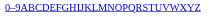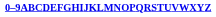 <table id="toc" class="toc" summary="Class">
 <tr>
 <th></th>
 </tr>
 <tr>
-<td style="text-align:center;"><a href='#'>0–9</a><a href='#'>A</a><a href='#'>B</a><a href='#'>C</a><a href='#'>D</a><a href='#'>E</a><a href='#'>F</a><a href='#'>G</a><a href='#'>H</a><a href='#'>I</a><a href='#'>J</a><a href='#'>K</a><a href='#'>L</a><a href='#'>M</a><a href='#'>N</a><a href='#'>O</a><a href='#'>P</a><a href='#'>Q</a><a href='#'>R</a><a href='#'>S</a><a href='#'>T</a><a href='#'>U</a><a href='#'>V</a><a href='#'>W</a><a href='#'>X</a><a href='#'>Y</a><a href='#'>Z</a></td>
+<td style="text-align:center;"><strong><a href='#'>0–9</a><a href='#'>A</a><a href='#'>B</a><a href='#'>C</a><a href='#'>D</a><a href='#'>E</a><a href='#'>F</a><a href='#'>G</a><a href='#'>H</a><a href='#'>I</a><a href='#'>J</a><a href='#'>K</a><a href='#'>L</a><a href='#'>M</a><a href='#'>N</a><a href='#'>O</a><a href='#'>P</a><a href='#'>Q</a><a href='#'>R</a><a href='#'>S</a><a href='#'>T</a><a href='#'>U</a><a href='#'>V</a><a href='#'>W</a><a href='#'>X</a><a href='#'>Y</a><a href='#'>Z</a></strong></td>
 </tr>
 </table>
